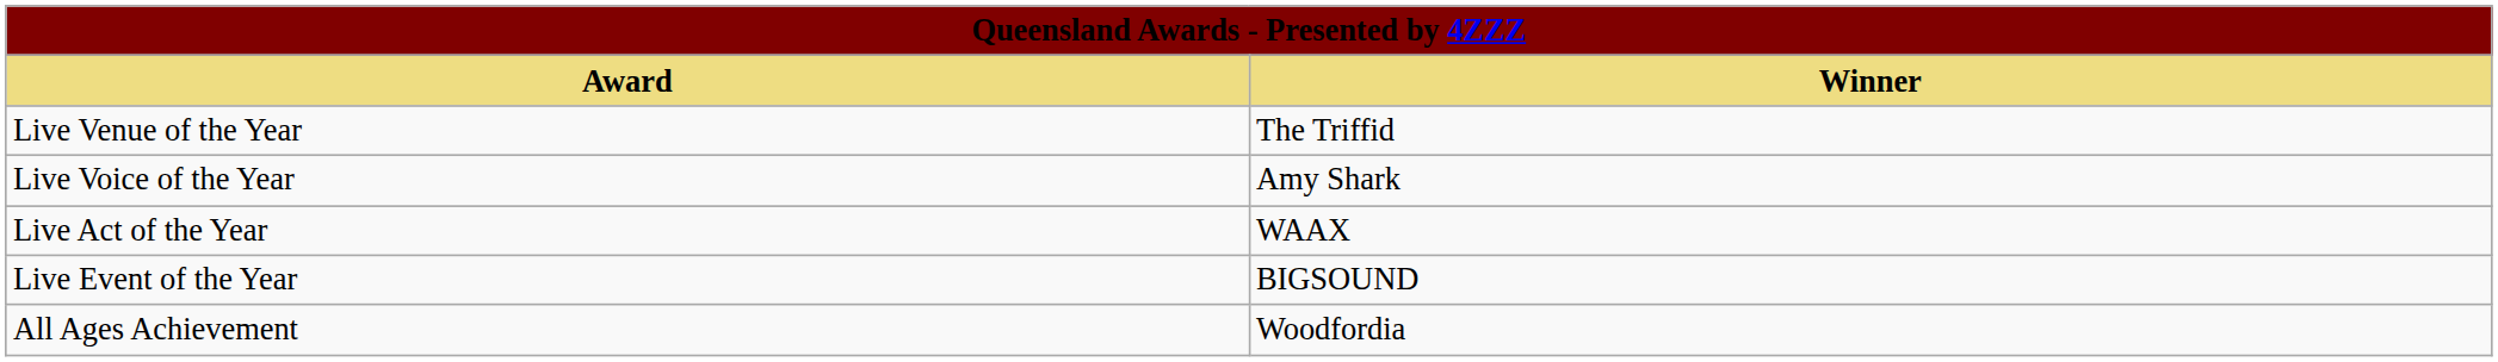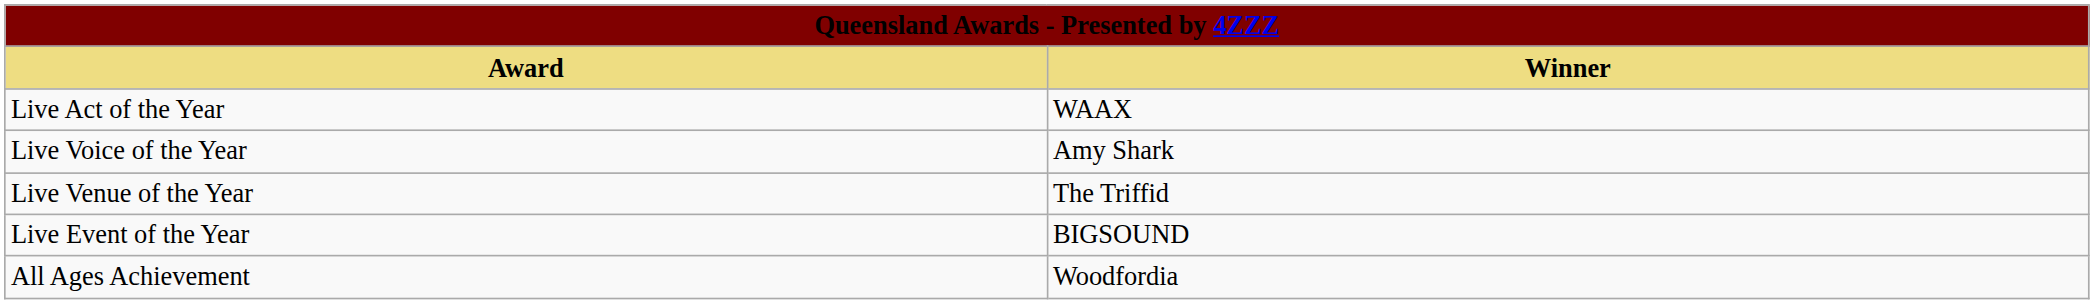 <table class="wikitable" width=100%>
 <tr>
 <th colspan="2" ! style="width:15%;background:maroon">Queensland Awards - Presented by <a href='#'>4ZZZ</a></th>
 </tr>
 <tr>
 <th style="width:10%;background:#EEDD82;">Award</th>
 <th style="width:10%;background:#EEDD82;">Winner</th>
 </tr>
 <tr>
-<td>Live Venue of the Year</td>
-<td>The Triffid</td>
+<td>Live Act of the Year</td>
+<td>WAAX</td>
 </tr>
 <tr>
 <td>Live Voice of the Year</td>
 <td>Amy Shark</td>
 </tr>
 <tr>
-<td>Live Act of the Year</td>
-<td>WAAX</td>
+<td>Live Venue of the Year</td>
+<td>The Triffid</td>
 </tr>
 <tr>
 <td>Live Event of the Year</td>
 <td>BIGSOUND</td>
 </tr>
 <tr>
 <td>All Ages Achievement</td>
 <td>Woodfordia</td>
 </tr>
 </table>
